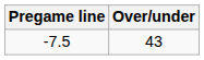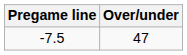 <table class="wikitable" style="margin-left: auto; margin-right: auto; border: none; display: inline-table;">
 <tr align="center">
 <th style=>Pregame line</th>
 <th style=>Over/under</th>
 </tr>
 <tr align="center">
 <td>-7.5</td>
-<td>43</td>
+<td>47</td>
 </tr>
 </table>
